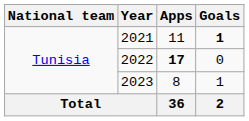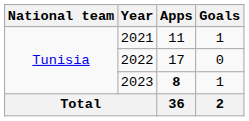 <table class=wikitable style=text-align:center>
 <tr>
 <th>National team</th>
 <th>Year</th>
 <th>Apps</th>
 <th>Goals</th>
 </tr>
 <tr>
 <td rowspan="3"><a href='#'>Tunisia</a></td>
 <td>2021</td>
 <td>11</td>
-<td><strong>1</strong></td>
+<td>1</td>
 </tr>
 <tr>
 <td>2022</td>
-<td><strong>17</strong></td>
+<td>17</td>
 <td>0</td>
 </tr>
 <tr>
 <td>2023</td>
-<td>8</td>
+<td><strong>8</strong></td>
 <td>1</td>
 </tr>
 <tr>
 <th colspan=2>Total</th>
 <th>36</th>
 <th>2</th>
 </tr>
 </table>
